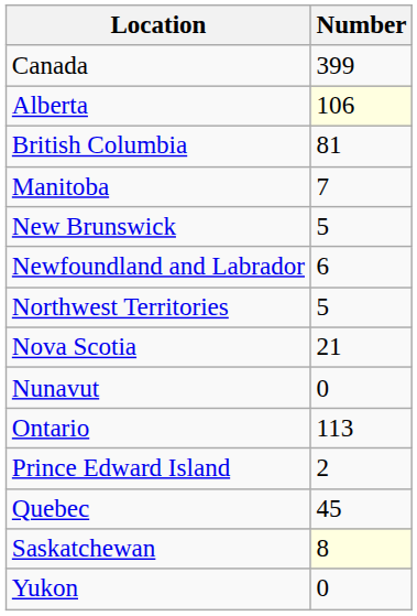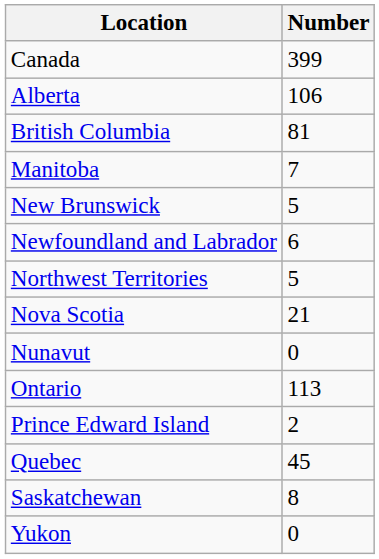 <table class="wikitable" style="margin-left:20px;">
 <tr>
 <th align=left>Location</th>
 <th align=left>Number</th>
 </tr>
 <tr>
 <td>Canada</td>
 <td>399</td>
 </tr>
 <tr>
 <td><a href='#'>Alberta</a></td>
-<td style="background: lightyellow;">106</td>
+<td>106</td>
 </tr>
 <tr>
 <td><a href='#'>British Columbia</a></td>
 <td>81</td>
 </tr>
 <tr>
 <td><a href='#'>Manitoba</a></td>
 <td>7</td>
 </tr>
 <tr>
 <td><a href='#'>New Brunswick</a></td>
 <td>5</td>
 </tr>
 <tr>
 <td><a href='#'>Newfoundland and Labrador</a></td>
 <td>6</td>
 </tr>
 <tr>
 <td><a href='#'>Northwest Territories</a></td>
 <td>5</td>
 </tr>
 <tr>
 <td><a href='#'>Nova Scotia</a></td>
 <td>21</td>
 </tr>
 <tr>
 <td><a href='#'>Nunavut</a></td>
 <td>0</td>
 </tr>
 <tr>
 <td><a href='#'>Ontario</a></td>
 <td>113</td>
 </tr>
 <tr>
 <td><a href='#'>Prince Edward Island</a></td>
 <td>2</td>
 </tr>
 <tr>
 <td><a href='#'>Quebec</a></td>
 <td>45</td>
 </tr>
 <tr>
 <td><a href='#'>Saskatchewan</a></td>
-<td style="background: lightyellow;">8</td>
+<td>8</td>
 </tr>
 <tr>
 <td><a href='#'>Yukon</a></td>
 <td>0</td>
 </tr>
 </table>
